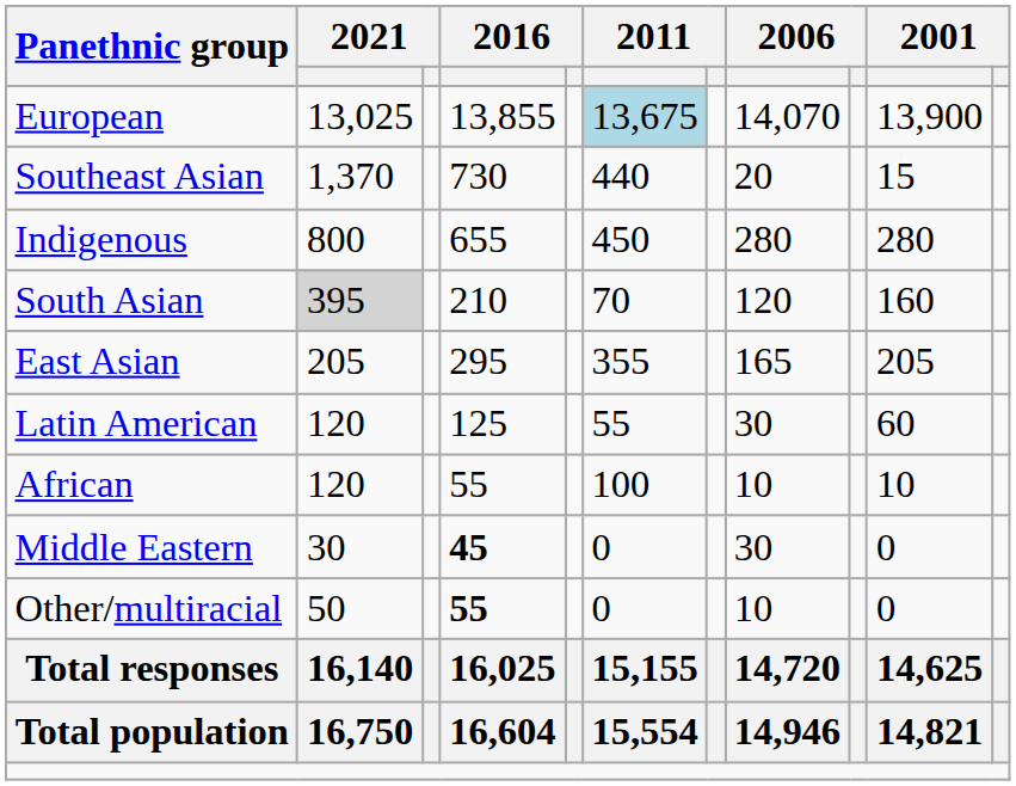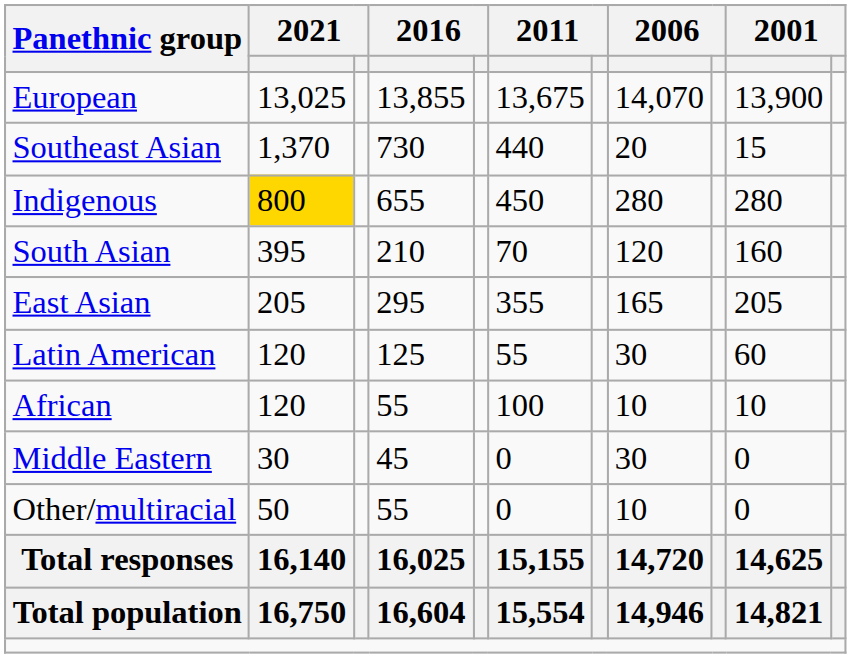 <table class="wikitable collapsible sortable">
 <tr>
 <th rowspan="2"><a href='#'>Panethnic</a> group</th>
 <th colspan="2">2021</th>
 <th colspan="2">2016</th>
 <th colspan="2">2011</th>
 <th colspan="2">2006</th>
 <th colspan="2">2001</th>
 </tr>
 <tr>
 <th><a href='#'></a></th>
 <th></th>
 <th></th>
 <th></th>
 <th></th>
 <th></th>
 <th></th>
 <th></th>
 <th></th>
 <th></th>
 </tr>
 <tr>
 <td><a href='#'>European</a></td>
 <td>13,025</td>
 <td></td>
 <td>13,855</td>
 <td></td>
-<td style="background: lightblue;">13,675</td>
+<td>13,675</td>
 <td></td>
 <td>14,070</td>
 <td></td>
 <td>13,900</td>
 <td></td>
 </tr>
 <tr>
 <td><a href='#'>Southeast Asian</a></td>
 <td>1,370</td>
 <td></td>
 <td>730</td>
 <td></td>
 <td>440</td>
 <td></td>
 <td>20</td>
 <td></td>
 <td>15</td>
 <td></td>
 </tr>
 <tr>
 <td><a href='#'>Indigenous</a></td>
-<td>800</td>
+<td style="background: gold;">800</td>
 <td></td>
 <td>655</td>
 <td></td>
 <td>450</td>
 <td></td>
 <td>280</td>
 <td></td>
 <td>280</td>
 <td></td>
 </tr>
 <tr>
 <td><a href='#'>South Asian</a></td>
-<td style="background: lightgrey;">395</td>
+<td>395</td>
 <td></td>
 <td>210</td>
 <td></td>
 <td>70</td>
 <td></td>
 <td>120</td>
 <td></td>
 <td>160</td>
 <td></td>
 </tr>
 <tr>
 <td><a href='#'>East Asian</a></td>
 <td>205</td>
 <td></td>
 <td>295</td>
 <td></td>
 <td>355</td>
 <td></td>
 <td>165</td>
 <td></td>
 <td>205</td>
 <td></td>
 </tr>
 <tr>
 <td><a href='#'>Latin American</a></td>
 <td>120</td>
 <td></td>
 <td>125</td>
 <td></td>
 <td>55</td>
 <td></td>
 <td>30</td>
 <td></td>
 <td>60</td>
 <td></td>
 </tr>
 <tr>
 <td><a href='#'>African</a></td>
 <td>120</td>
 <td></td>
 <td>55</td>
 <td></td>
 <td>100</td>
 <td></td>
 <td>10</td>
 <td></td>
 <td>10</td>
 <td></td>
 </tr>
 <tr>
 <td><a href='#'>Middle Eastern</a></td>
 <td>30</td>
 <td></td>
-<td><strong>45</strong></td>
+<td>45</td>
 <td></td>
 <td>0</td>
 <td></td>
 <td>30</td>
 <td></td>
 <td>0</td>
 <td></td>
 </tr>
 <tr>
 <td>Other/<a href='#'>multiracial</a></td>
 <td>50</td>
 <td></td>
-<td><strong>55</strong></td>
+<td>55</td>
 <td></td>
 <td>0</td>
 <td></td>
 <td>10</td>
 <td></td>
 <td>0</td>
 <td></td>
 </tr>
 <tr>
 <th>Total responses</th>
 <th>16,140</th>
 <th></th>
 <th>16,025</th>
 <th></th>
 <th>15,155</th>
 <th></th>
 <th>14,720</th>
 <th></th>
 <th>14,625</th>
 <th></th>
 </tr>
 <tr class="sortbottom">
 <th>Total population</th>
 <th>16,750</th>
 <th></th>
 <th>16,604</th>
 <th></th>
 <th>15,554</th>
 <th></th>
 <th>14,946</th>
 <th></th>
 <th>14,821</th>
 <th></th>
 </tr>
 <tr class="sortbottom">
 <td colspan="11"></td>
 </tr>
 </table>
